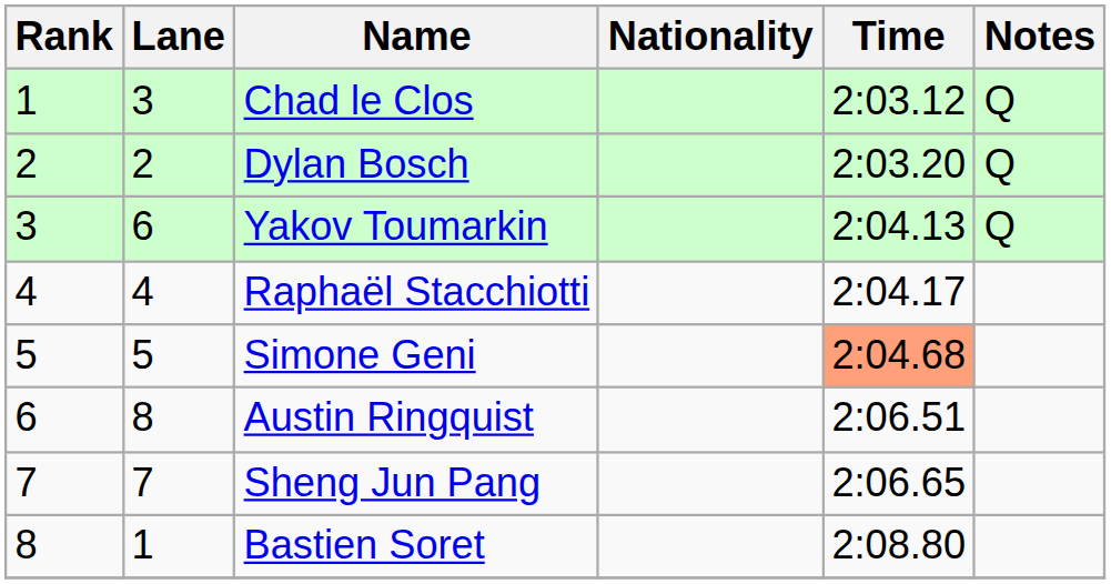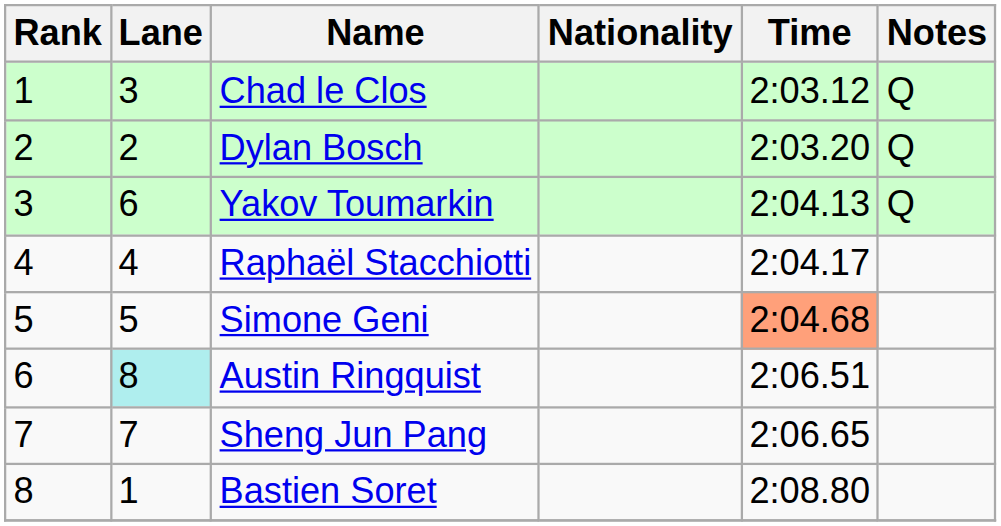 <table class="wikitable">
 <tr>
 <th>Rank</th>
 <th>Lane</th>
 <th>Name</th>
 <th>Nationality</th>
 <th>Time</th>
 <th>Notes</th>
 </tr>
 <tr bgcolor=ccffcc>
 <td>1</td>
 <td>3</td>
 <td><a href='#'>Chad le Clos</a></td>
 <td></td>
 <td>2:03.12</td>
 <td>Q</td>
 </tr>
 <tr bgcolor=ccffcc>
 <td>2</td>
 <td>2</td>
 <td><a href='#'>Dylan Bosch</a></td>
 <td></td>
 <td>2:03.20</td>
 <td>Q</td>
 </tr>
 <tr bgcolor=ccffcc>
 <td>3</td>
 <td>6</td>
 <td><a href='#'>Yakov Toumarkin</a></td>
 <td></td>
 <td>2:04.13</td>
 <td>Q</td>
 </tr>
 <tr>
 <td>4</td>
 <td>4</td>
 <td><a href='#'>Raphaël Stacchiotti</a></td>
 <td></td>
 <td>2:04.17</td>
 <td></td>
 </tr>
 <tr>
 <td>5</td>
 <td>5</td>
 <td><a href='#'>Simone Geni</a></td>
 <td></td>
 <td style="background: lightsalmon;">2:04.68</td>
 <td></td>
 </tr>
 <tr>
 <td>6</td>
-<td>8</td>
+<td style="background: paleturquoise;">8</td>
 <td><a href='#'>Austin Ringquist</a></td>
 <td></td>
 <td>2:06.51</td>
 <td></td>
 </tr>
 <tr>
 <td>7</td>
 <td>7</td>
 <td><a href='#'>Sheng Jun Pang</a></td>
 <td></td>
 <td>2:06.65</td>
 <td></td>
 </tr>
 <tr>
 <td>8</td>
 <td>1</td>
 <td><a href='#'>Bastien Soret</a></td>
 <td></td>
 <td>2:08.80</td>
 <td></td>
 </tr>
 <tr>
 </tr>
 </table>
